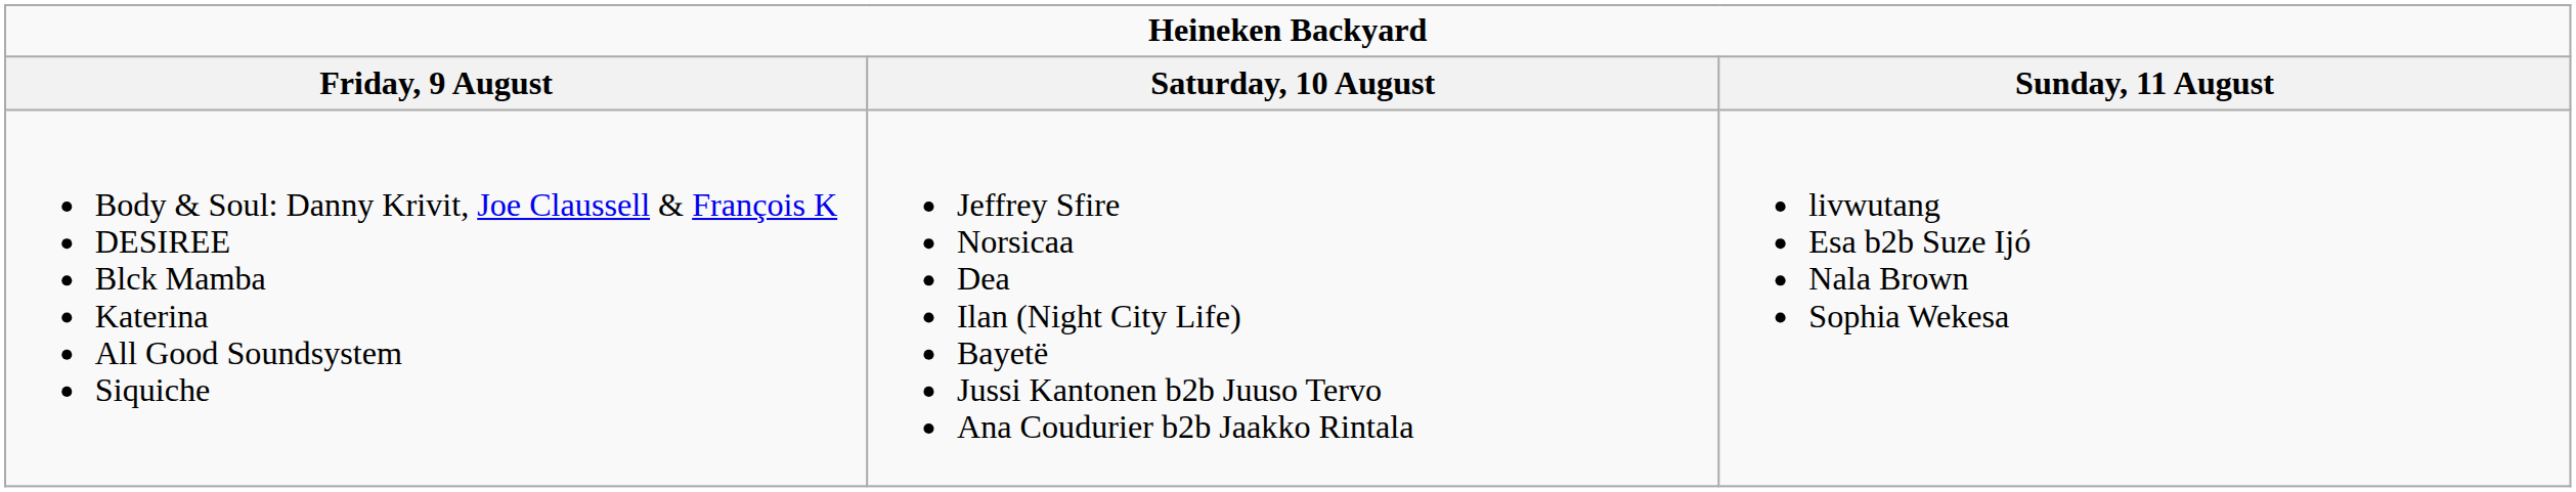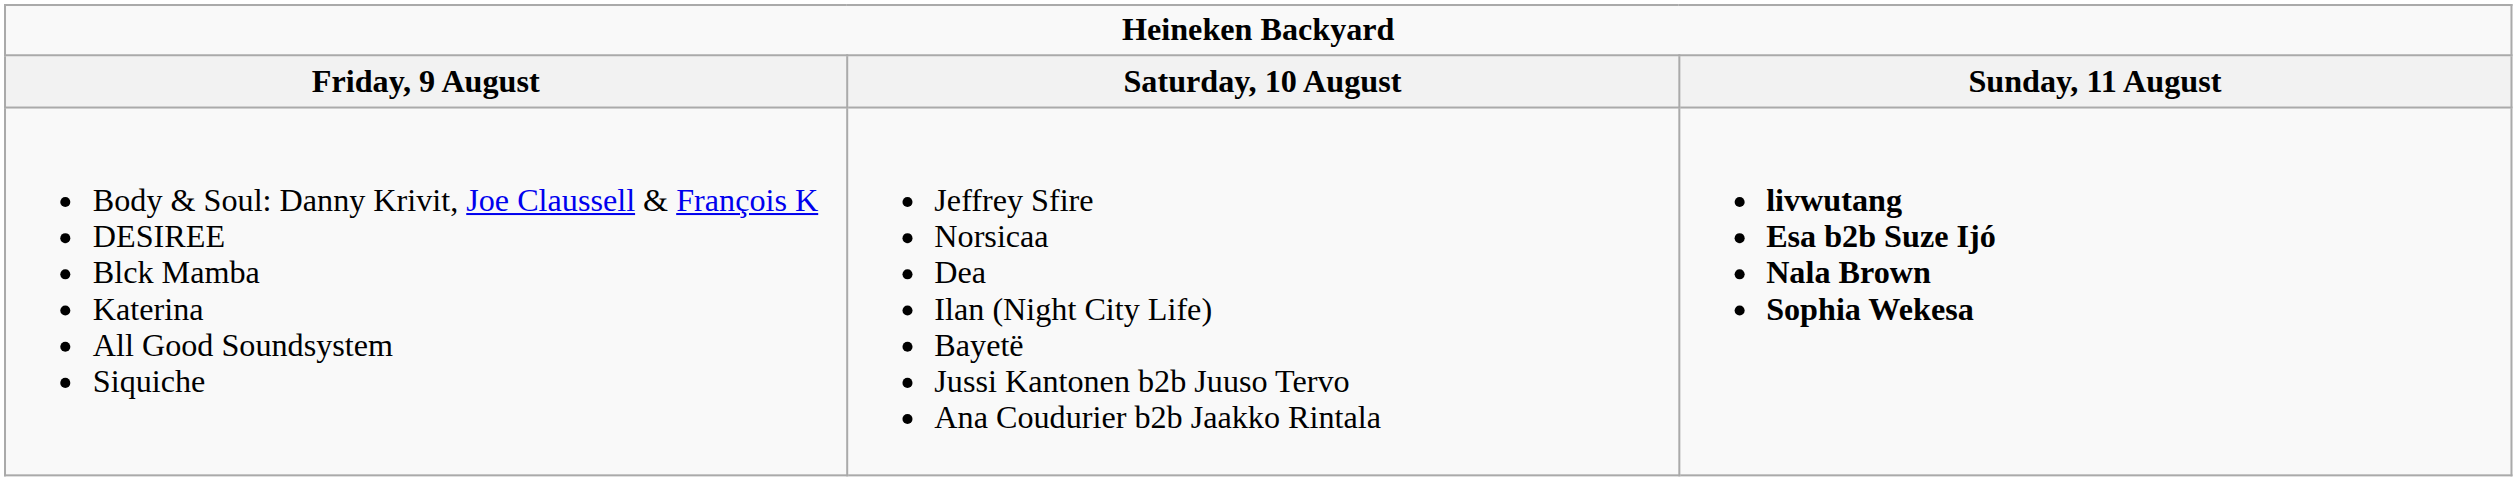 <table class="wikitable">
 <tr>
 <td colspan="4" align="center"><strong>Heineken Backyard</strong></td>
 </tr>
 <tr>
 <th width="500">Friday, 9 August</th>
 <th width="500">Saturday, 10 August</th>
 <th width="500">Sunday, 11 August</th>
 </tr>
 <tr valign="top">
 <td><br><ul><li>Body & Soul: Danny Krivit, <a href='#'>Joe Claussell</a> & <a href='#'>François K</a></li><li>DESIREE</li><li>Blck Mamba</li><li>Katerina</li><li>All Good Soundsystem</li><li>Siquiche</li></ul></td>
 <td><br><ul><li>Jeffrey Sfire</li><li>Norsicaa</li><li>Dea</li><li>Ilan (Night City Life)</li><li>Bayetë</li><li>Jussi Kantonen b2b Juuso Tervo</li><li>Ana Coudurier b2b Jaakko Rintala</li></ul></td>
-<td><br><ul><li>livwutang</li><li>Esa b2b Suze Ijó</li><li>Nala Brown</li><li>Sophia Wekesa</li></ul></td>
+<td><strong><br><ul><li>livwutang</li><li>Esa b2b Suze Ijó</li><li>Nala Brown</li><li>Sophia Wekesa</li></ul></strong></td>
 </tr>
 </table>
